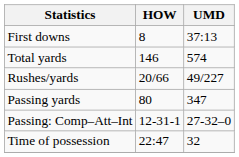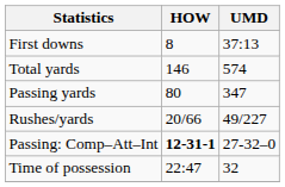 <table class="wikitable" style="float: left;">
 <tr>
 <th>Statistics</th>
 <th>HOW</th>
 <th>UMD</th>
 </tr>
 <tr>
 <td>First downs</td>
 <td>8</td>
 <td>37:13</td>
 </tr>
 <tr>
 <td>Total yards</td>
 <td>146</td>
 <td>574</td>
 </tr>
 <tr>
+<td>Passing yards</td>
+<td>80</td>
+<td>347</td>
+</tr>
+<tr>
 <td>Rushes/yards</td>
 <td>20/66</td>
 <td>49/227</td>
 </tr>
 <tr>
-<td>Passing yards</td>
-<td>80</td>
-<td>347</td>
-</tr>
-<tr>
 <td>Passing: Comp–Att–Int</td>
-<td>12-31-1</td>
+<td><strong>12-31-1</strong></td>
 <td>27-32–0</td>
 </tr>
 <tr>
 <td>Time of possession</td>
 <td>22:47</td>
 <td>32</td>
 </tr>
 <tr>
 </tr>
 </table>
